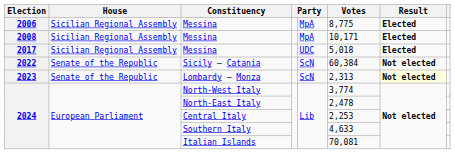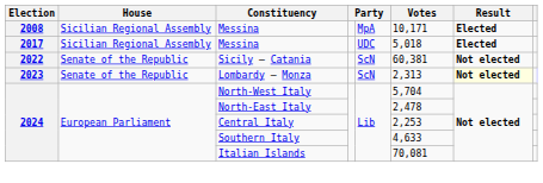 <table class=wikitable style="width:57%; border:1px #AAAAFF solid">
 <tr>
 <th width=10%>Election</th>
 <th width=30%>House</th>
 <th width=25%>Constituency</th>
 <th width=8% colspan="2">Party</th>
 <th width=12%>Votes</th>
 <th width=20%>Result</th>
 <th width=5%></th>
-</tr>
-<tr>
-<th><a href='#'>2006</a></th>
-<td><a href='#'>Sicilian Regional Assembly</a></td>
-<td><a href='#'>Messina</a></td>
-<td></td>
-<td><a href='#'>MpA</a></td>
-<td>8,775</td>
-<td> <strong>Elected</strong></td>
-<td></td>
 </tr>
 <tr>
 <th><a href='#'>2008</a></th>
 <td><a href='#'>Sicilian Regional Assembly</a></td>
 <td><a href='#'>Messina</a></td>
 <td></td>
 <td><a href='#'>MpA</a></td>
 <td>10,171</td>
 <td> <strong>Elected</strong></td>
 <td></td>
 </tr>
 <tr>
 <th><a href='#'>2017</a></th>
 <td><a href='#'>Sicilian Regional Assembly</a></td>
 <td><a href='#'>Messina</a></td>
 <td></td>
 <td><a href='#'>UDC</a></td>
 <td>5,018</td>
 <td> <strong>Elected</strong></td>
 <td></td>
 </tr>
 <tr>
 <th><a href='#'>2022</a></th>
 <td><a href='#'>Senate of the Republic</a></td>
 <td><a href='#'>Sicily</a> – <a href='#'>Catania</a></td>
 <td></td>
 <td><a href='#'>ScN</a></td>
-<td>60,384</td>
+<td>60,381</td>
 <td> <strong>Not elected</strong></td>
 <td></td>
 </tr>
 <tr>
 <th><a href='#'>2023</a></th>
 <td><a href='#'>Senate of the Republic</a></td>
 <td><a href='#'>Lombardy</a> – <a href='#'>Monza</a></td>
 <td></td>
 <td><a href='#'>ScN</a></td>
 <td>2,313</td>
 <td style="background: lightyellow;"> <strong>Not elected</strong></td>
 </tr>
 <tr>
 <th rowspan=5><a href='#'>2024</a></th>
 <td rowspan=5><a href='#'>European Parliament</a></td>
 <td><a href='#'>North-West Italy</a></td>
 <td rowspan=5></td>
 <td rowspan=5><a href='#'>Lib</a></td>
-<td>3,774</td>
+<td>5,704</td>
 <td rowspan=5> <strong>Not elected</strong></td>
 <td></td>
 </tr>
 <tr>
 <td><a href='#'>North-East Italy</a></td>
 <td>2,478</td>
 <td></td>
 </tr>
 <tr>
 <td><a href='#'>Central Italy</a></td>
 <td>2,253</td>
 <td></td>
 </tr>
 <tr>
 <td><a href='#'>Southern Italy</a></td>
 <td>4,633</td>
 <td></td>
 </tr>
 <tr>
 <td><a href='#'>Italian Islands</a></td>
 <td>70,081</td>
 <td></td>
 </tr>
 </table>
